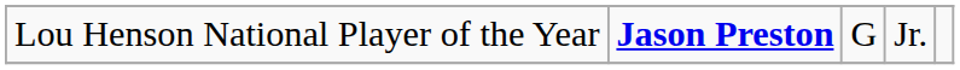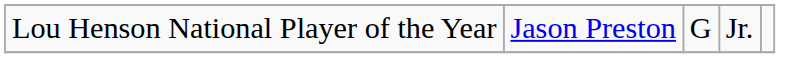 <table class="wikitable" border="1">
 <tr>
 </tr>
 <tr>
 <td>Lou Henson National Player of the Year</td>
-<td><strong><a href='#'>Jason Preston</a></strong></td>
+<td><a href='#'>Jason Preston</a></td>
 <td>G</td>
 <td>Jr.</td>
 <td></td>
 </tr>
 <tr>
 </tr>
 </table>
